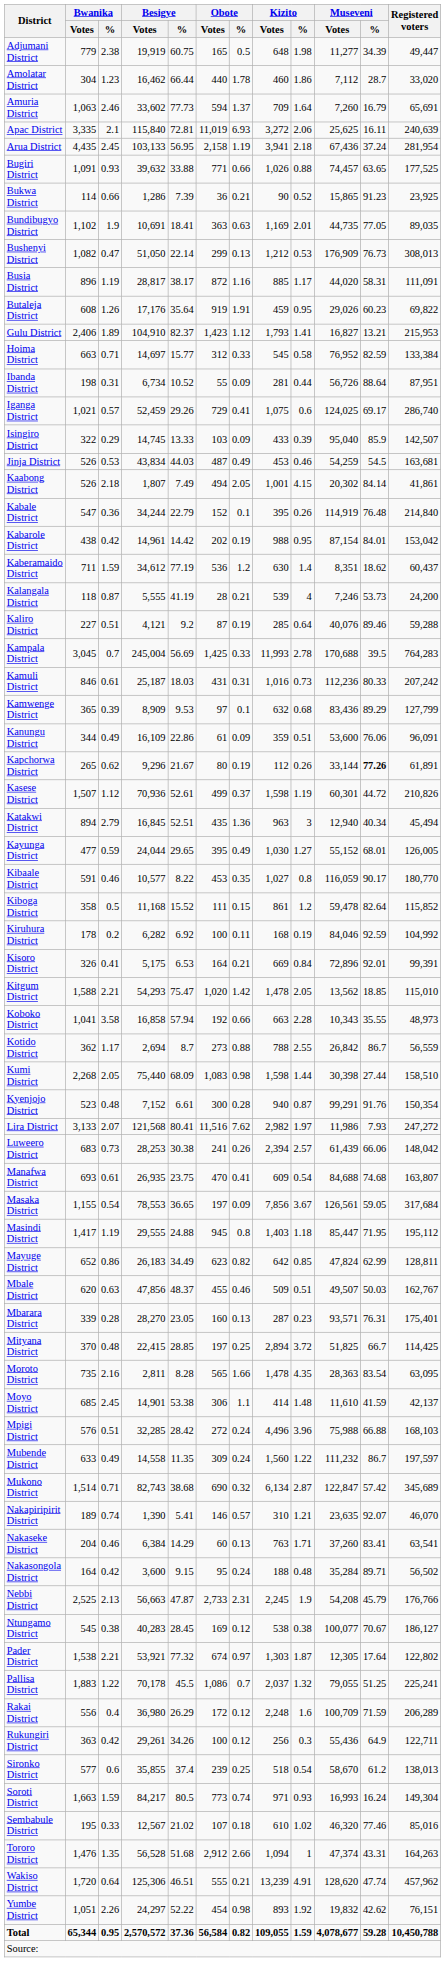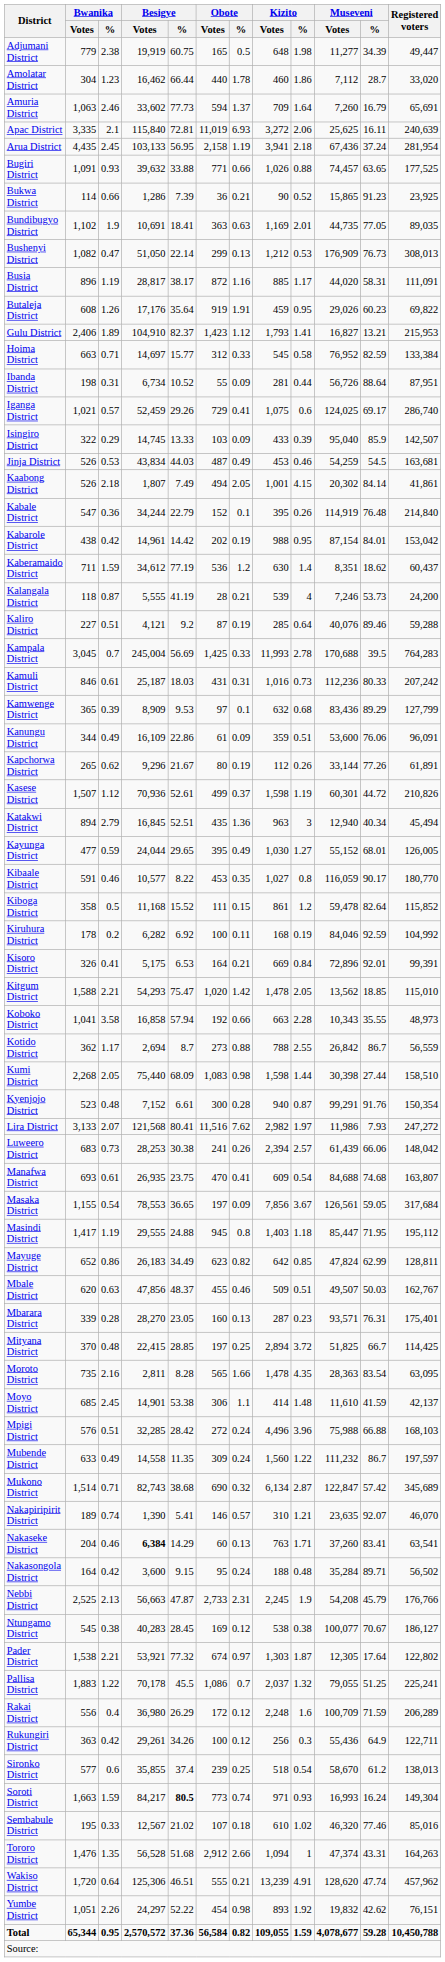 <table class="wikitable sortable" style=text-align:right>
 <tr>
 <th rowspan=2>District</th>
 <th colspan=2><a href='#'>Bwanika</a></th>
 <th colspan=2><a href='#'>Besigye</a></th>
 <th colspan=2><a href='#'>Obote</a></th>
 <th colspan=2><a href='#'>Kizito</a></th>
 <th colspan=2><a href='#'>Museveni</a></th>
 <th rowspan=2>Registered<br>voters</th>
 </tr>
 <tr>
 <th width=50>Votes</th>
 <th width=30>%</th>
 <th width=50>Votes</th>
 <th width=30>%</th>
 <th width=50>Votes</th>
 <th width=30>%</th>
 <th width=50>Votes</th>
 <th width=30>%</th>
 <th width=50>Votes</th>
 <th width=30>%</th>
 </tr>
 <tr>
 <td align=left><a href='#'>Adjumani District</a></td>
 <td>779</td>
 <td>2.38</td>
 <td>19,919</td>
 <td>60.75</td>
 <td>165</td>
 <td>0.5</td>
 <td>648</td>
 <td>1.98</td>
 <td>11,277</td>
 <td>34.39</td>
 <td>49,447</td>
 </tr>
 <tr>
 <td align=left><a href='#'>Amolatar District</a></td>
 <td>304</td>
 <td>1.23</td>
 <td>16,462</td>
 <td>66.44</td>
 <td>440</td>
 <td>1.78</td>
 <td>460</td>
 <td>1.86</td>
 <td>7,112</td>
 <td>28.7</td>
 <td>33,020</td>
 </tr>
 <tr>
 <td align=left><a href='#'>Amuria District</a></td>
 <td>1,063</td>
 <td>2.46</td>
 <td>33,602</td>
 <td>77.73</td>
 <td>594</td>
 <td>1.37</td>
 <td>709</td>
 <td>1.64</td>
 <td>7,260</td>
 <td>16.79</td>
 <td>65,691</td>
 </tr>
 <tr>
 <td align=left><a href='#'>Apac District</a></td>
 <td>3,335</td>
 <td>2.1</td>
 <td>115,840</td>
 <td>72.81</td>
 <td>11,019</td>
 <td>6.93</td>
 <td>3,272</td>
 <td>2.06</td>
 <td>25,625</td>
 <td>16.11</td>
 <td>240,639</td>
 </tr>
 <tr>
 <td align=left><a href='#'>Arua District</a></td>
 <td>4,435</td>
 <td>2.45</td>
 <td>103,133</td>
 <td>56.95</td>
 <td>2,158</td>
 <td>1.19</td>
 <td>3,941</td>
 <td>2.18</td>
 <td>67,436</td>
 <td>37.24</td>
 <td>281,954</td>
 </tr>
 <tr>
 <td align=left><a href='#'>Bugiri District</a></td>
 <td>1,091</td>
 <td>0.93</td>
 <td>39,632</td>
 <td>33.88</td>
 <td>771</td>
 <td>0.66</td>
 <td>1,026</td>
 <td>0.88</td>
 <td>74,457</td>
 <td>63.65</td>
 <td>177,525</td>
 </tr>
 <tr>
 <td align=left><a href='#'>Bukwa District</a></td>
 <td>114</td>
 <td>0.66</td>
 <td>1,286</td>
 <td>7.39</td>
 <td>36</td>
 <td>0.21</td>
 <td>90</td>
 <td>0.52</td>
 <td>15,865</td>
 <td>91.23</td>
 <td>23,925</td>
 </tr>
 <tr>
 <td align=left><a href='#'>Bundibugyo District</a></td>
 <td>1,102</td>
 <td>1.9</td>
 <td>10,691</td>
 <td>18.41</td>
 <td>363</td>
 <td>0.63</td>
 <td>1,169</td>
 <td>2.01</td>
 <td>44,735</td>
 <td>77.05</td>
 <td>89,035</td>
 </tr>
 <tr>
 <td align=left><a href='#'>Bushenyi District</a></td>
 <td>1,082</td>
 <td>0.47</td>
 <td>51,050</td>
 <td>22.14</td>
 <td>299</td>
 <td>0.13</td>
 <td>1,212</td>
 <td>0.53</td>
 <td>176,909</td>
 <td>76.73</td>
 <td>308,013</td>
 </tr>
 <tr>
 <td align=left><a href='#'>Busia District</a></td>
 <td>896</td>
 <td>1.19</td>
 <td>28,817</td>
 <td>38.17</td>
 <td>872</td>
 <td>1.16</td>
 <td>885</td>
 <td>1.17</td>
 <td>44,020</td>
 <td>58.31</td>
 <td>111,091</td>
 </tr>
 <tr>
 <td align=left><a href='#'>Butaleja District</a></td>
 <td>608</td>
 <td>1.26</td>
 <td>17,176</td>
 <td>35.64</td>
 <td>919</td>
 <td>1.91</td>
 <td>459</td>
 <td>0.95</td>
 <td>29,026</td>
 <td>60.23</td>
 <td>69,822</td>
 </tr>
 <tr>
 <td align=left><a href='#'>Gulu District</a></td>
 <td>2,406</td>
 <td>1.89</td>
 <td>104,910</td>
 <td>82.37</td>
 <td>1,423</td>
 <td>1.12</td>
 <td>1,793</td>
 <td>1.41</td>
 <td>16,827</td>
 <td>13.21</td>
 <td>215,953</td>
 </tr>
 <tr>
 <td align=left><a href='#'>Hoima District</a></td>
 <td>663</td>
 <td>0.71</td>
 <td>14,697</td>
 <td>15.77</td>
 <td>312</td>
 <td>0.33</td>
 <td>545</td>
 <td>0.58</td>
 <td>76,952</td>
 <td>82.59</td>
 <td>133,384</td>
 </tr>
 <tr>
 <td align=left><a href='#'>Ibanda District</a></td>
 <td>198</td>
 <td>0.31</td>
 <td>6,734</td>
 <td>10.52</td>
 <td>55</td>
 <td>0.09</td>
 <td>281</td>
 <td>0.44</td>
 <td>56,726</td>
 <td>88.64</td>
 <td>87,951</td>
 </tr>
 <tr>
 <td align=left><a href='#'>Iganga District</a></td>
 <td>1,021</td>
 <td>0.57</td>
 <td>52,459</td>
 <td>29.26</td>
 <td>729</td>
 <td>0.41</td>
 <td>1,075</td>
 <td>0.6</td>
 <td>124,025</td>
 <td>69.17</td>
 <td>286,740</td>
 </tr>
 <tr>
 <td align=left><a href='#'>Isingiro District</a></td>
 <td>322</td>
 <td>0.29</td>
 <td>14,745</td>
 <td>13.33</td>
 <td>103</td>
 <td>0.09</td>
 <td>433</td>
 <td>0.39</td>
 <td>95,040</td>
 <td>85.9</td>
 <td>142,507</td>
 </tr>
 <tr>
 <td align=left><a href='#'>Jinja District</a></td>
 <td>526</td>
 <td>0.53</td>
 <td>43,834</td>
 <td>44.03</td>
 <td>487</td>
 <td>0.49</td>
 <td>453</td>
 <td>0.46</td>
 <td>54,259</td>
 <td>54.5</td>
 <td>163,681</td>
 </tr>
 <tr>
 <td align=left><a href='#'>Kaabong District</a></td>
 <td>526</td>
 <td>2.18</td>
 <td>1,807</td>
 <td>7.49</td>
 <td>494</td>
 <td>2.05</td>
 <td>1,001</td>
 <td>4.15</td>
 <td>20,302</td>
 <td>84.14</td>
 <td>41,861</td>
 </tr>
 <tr>
 <td align=left><a href='#'>Kabale District</a></td>
 <td>547</td>
 <td>0.36</td>
 <td>34,244</td>
 <td>22.79</td>
 <td>152</td>
 <td>0.1</td>
 <td>395</td>
 <td>0.26</td>
 <td>114,919</td>
 <td>76.48</td>
 <td>214,840</td>
 </tr>
 <tr>
 <td align=left><a href='#'>Kabarole District</a></td>
 <td>438</td>
 <td>0.42</td>
 <td>14,961</td>
 <td>14.42</td>
 <td>202</td>
 <td>0.19</td>
 <td>988</td>
 <td>0.95</td>
 <td>87,154</td>
 <td>84.01</td>
 <td>153,042</td>
 </tr>
 <tr>
 <td align=left><a href='#'>Kaberamaido District</a></td>
 <td>711</td>
 <td>1.59</td>
 <td>34,612</td>
 <td>77.19</td>
 <td>536</td>
 <td>1.2</td>
 <td>630</td>
 <td>1.4</td>
 <td>8,351</td>
 <td>18.62</td>
 <td>60,437</td>
 </tr>
 <tr>
 <td align=left><a href='#'>Kalangala District</a></td>
 <td>118</td>
 <td>0.87</td>
 <td>5,555</td>
 <td>41.19</td>
 <td>28</td>
 <td>0.21</td>
 <td>539</td>
 <td>4</td>
 <td>7,246</td>
 <td>53.73</td>
 <td>24,200</td>
 </tr>
 <tr>
 <td align=left><a href='#'>Kaliro District</a></td>
 <td>227</td>
 <td>0.51</td>
 <td>4,121</td>
 <td>9.2</td>
 <td>87</td>
 <td>0.19</td>
 <td>285</td>
 <td>0.64</td>
 <td>40,076</td>
 <td>89.46</td>
 <td>59,288</td>
 </tr>
 <tr>
 <td align=left><a href='#'>Kampala District</a></td>
 <td>3,045</td>
 <td>0.7</td>
 <td>245,004</td>
 <td>56.69</td>
 <td>1,425</td>
 <td>0.33</td>
 <td>11,993</td>
 <td>2.78</td>
 <td>170,688</td>
 <td>39.5</td>
 <td>764,283</td>
 </tr>
 <tr>
 <td align=left><a href='#'>Kamuli District</a></td>
 <td>846</td>
 <td>0.61</td>
 <td>25,187</td>
 <td>18.03</td>
 <td>431</td>
 <td>0.31</td>
 <td>1,016</td>
 <td>0.73</td>
 <td>112,236</td>
 <td>80.33</td>
 <td>207,242</td>
 </tr>
 <tr>
 <td align=left><a href='#'>Kamwenge District</a></td>
 <td>365</td>
 <td>0.39</td>
 <td>8,909</td>
 <td>9.53</td>
 <td>97</td>
 <td>0.1</td>
 <td>632</td>
 <td>0.68</td>
 <td>83,436</td>
 <td>89.29</td>
 <td>127,799</td>
 </tr>
 <tr>
 <td align=left><a href='#'>Kanungu District</a></td>
 <td>344</td>
 <td>0.49</td>
 <td>16,109</td>
 <td>22.86</td>
 <td>61</td>
 <td>0.09</td>
 <td>359</td>
 <td>0.51</td>
 <td>53,600</td>
 <td>76.06</td>
 <td>96,091</td>
 </tr>
 <tr>
 <td align=left><a href='#'>Kapchorwa District</a></td>
 <td>265</td>
 <td>0.62</td>
 <td>9,296</td>
 <td>21.67</td>
 <td>80</td>
 <td>0.19</td>
 <td>112</td>
 <td>0.26</td>
 <td>33,144</td>
-<td><strong>77.26</strong></td>
+<td>77.26</td>
 <td>61,891</td>
 </tr>
 <tr>
 <td align=left><a href='#'>Kasese District</a></td>
 <td>1,507</td>
 <td>1.12</td>
 <td>70,936</td>
 <td>52.61</td>
 <td>499</td>
 <td>0.37</td>
 <td>1,598</td>
 <td>1.19</td>
 <td>60,301</td>
 <td>44.72</td>
 <td>210,826</td>
 </tr>
 <tr>
 <td align=left><a href='#'>Katakwi District</a></td>
 <td>894</td>
 <td>2.79</td>
 <td>16,845</td>
 <td>52.51</td>
 <td>435</td>
 <td>1.36</td>
 <td>963</td>
 <td>3</td>
 <td>12,940</td>
 <td>40.34</td>
 <td>45,494</td>
 </tr>
 <tr>
 <td align=left><a href='#'>Kayunga District</a></td>
 <td>477</td>
 <td>0.59</td>
 <td>24,044</td>
 <td>29.65</td>
 <td>395</td>
 <td>0.49</td>
 <td>1,030</td>
 <td>1.27</td>
 <td>55,152</td>
 <td>68.01</td>
 <td>126,005</td>
 </tr>
 <tr>
 <td align=left><a href='#'>Kibaale District</a></td>
 <td>591</td>
 <td>0.46</td>
 <td>10,577</td>
 <td>8.22</td>
 <td>453</td>
 <td>0.35</td>
 <td>1,027</td>
 <td>0.8</td>
 <td>116,059</td>
 <td>90.17</td>
 <td>180,770</td>
 </tr>
 <tr>
 <td align=left><a href='#'>Kiboga District</a></td>
 <td>358</td>
 <td>0.5</td>
 <td>11,168</td>
 <td>15.52</td>
 <td>111</td>
 <td>0.15</td>
 <td>861</td>
 <td>1.2</td>
 <td>59,478</td>
 <td>82.64</td>
 <td>115,852</td>
 </tr>
 <tr>
 <td align=left><a href='#'>Kiruhura District</a></td>
 <td>178</td>
 <td>0.2</td>
 <td>6,282</td>
 <td>6.92</td>
 <td>100</td>
 <td>0.11</td>
 <td>168</td>
 <td>0.19</td>
 <td>84,046</td>
 <td>92.59</td>
 <td>104,992</td>
 </tr>
 <tr>
 <td align=left><a href='#'>Kisoro District</a></td>
 <td>326</td>
 <td>0.41</td>
 <td>5,175</td>
 <td>6.53</td>
 <td>164</td>
 <td>0.21</td>
 <td>669</td>
 <td>0.84</td>
 <td>72,896</td>
 <td>92.01</td>
 <td>99,391</td>
 </tr>
 <tr>
 <td align=left><a href='#'>Kitgum District</a></td>
 <td>1,588</td>
 <td>2.21</td>
 <td>54,293</td>
 <td>75.47</td>
 <td>1,020</td>
 <td>1.42</td>
 <td>1,478</td>
 <td>2.05</td>
 <td>13,562</td>
 <td>18.85</td>
 <td>115,010</td>
 </tr>
 <tr>
 <td align=left><a href='#'>Koboko District</a></td>
 <td>1,041</td>
 <td>3.58</td>
 <td>16,858</td>
 <td>57.94</td>
 <td>192</td>
 <td>0.66</td>
 <td>663</td>
 <td>2.28</td>
 <td>10,343</td>
 <td>35.55</td>
 <td>48,973</td>
 </tr>
 <tr>
 <td align=left><a href='#'>Kotido District</a></td>
 <td>362</td>
 <td>1.17</td>
 <td>2,694</td>
 <td>8.7</td>
 <td>273</td>
 <td>0.88</td>
 <td>788</td>
 <td>2.55</td>
 <td>26,842</td>
 <td>86.7</td>
 <td>56,559</td>
 </tr>
 <tr>
 <td align=left><a href='#'>Kumi District</a></td>
 <td>2,268</td>
 <td>2.05</td>
 <td>75,440</td>
 <td>68.09</td>
 <td>1,083</td>
 <td>0.98</td>
 <td>1,598</td>
 <td>1.44</td>
 <td>30,398</td>
 <td>27.44</td>
 <td>158,510</td>
 </tr>
 <tr>
 <td align=left><a href='#'>Kyenjojo District</a></td>
 <td>523</td>
 <td>0.48</td>
 <td>7,152</td>
 <td>6.61</td>
 <td>300</td>
 <td>0.28</td>
 <td>940</td>
 <td>0.87</td>
 <td>99,291</td>
 <td>91.76</td>
 <td>150,354</td>
 </tr>
 <tr>
 <td align=left><a href='#'>Lira District</a></td>
 <td>3,133</td>
 <td>2.07</td>
 <td>121,568</td>
 <td>80.41</td>
 <td>11,516</td>
 <td>7.62</td>
 <td>2,982</td>
 <td>1.97</td>
 <td>11,986</td>
 <td>7.93</td>
 <td>247,272</td>
 </tr>
 <tr>
 <td align=left><a href='#'>Luweero District</a></td>
 <td>683</td>
 <td>0.73</td>
 <td>28,253</td>
 <td>30.38</td>
 <td>241</td>
 <td>0.26</td>
 <td>2,394</td>
 <td>2.57</td>
 <td>61,439</td>
 <td>66.06</td>
 <td>148,042</td>
 </tr>
 <tr>
 <td align=left><a href='#'>Manafwa District</a></td>
 <td>693</td>
 <td>0.61</td>
 <td>26,935</td>
 <td>23.75</td>
 <td>470</td>
 <td>0.41</td>
 <td>609</td>
 <td>0.54</td>
 <td>84,688</td>
 <td>74.68</td>
 <td>163,807</td>
 </tr>
 <tr>
 <td align=left><a href='#'>Masaka District</a></td>
 <td>1,155</td>
 <td>0.54</td>
 <td>78,553</td>
 <td>36.65</td>
 <td>197</td>
 <td>0.09</td>
 <td>7,856</td>
 <td>3.67</td>
 <td>126,561</td>
 <td>59.05</td>
 <td>317,684</td>
 </tr>
 <tr>
 <td align=left><a href='#'>Masindi District</a></td>
 <td>1,417</td>
 <td>1.19</td>
 <td>29,555</td>
 <td>24.88</td>
 <td>945</td>
 <td>0.8</td>
 <td>1,403</td>
 <td>1.18</td>
 <td>85,447</td>
 <td>71.95</td>
 <td>195,112</td>
 </tr>
 <tr>
 <td align=left><a href='#'>Mayuge District</a></td>
 <td>652</td>
 <td>0.86</td>
 <td>26,183</td>
 <td>34.49</td>
 <td>623</td>
 <td>0.82</td>
 <td>642</td>
 <td>0.85</td>
 <td>47,824</td>
 <td>62.99</td>
 <td>128,811</td>
 </tr>
 <tr>
 <td align=left><a href='#'>Mbale District</a></td>
 <td>620</td>
 <td>0.63</td>
 <td>47,856</td>
 <td>48.37</td>
 <td>455</td>
 <td>0.46</td>
 <td>509</td>
 <td>0.51</td>
 <td>49,507</td>
 <td>50.03</td>
 <td>162,767</td>
 </tr>
 <tr>
 <td align=left><a href='#'>Mbarara District</a></td>
 <td>339</td>
 <td>0.28</td>
 <td>28,270</td>
 <td>23.05</td>
 <td>160</td>
 <td>0.13</td>
 <td>287</td>
 <td>0.23</td>
 <td>93,571</td>
 <td>76.31</td>
 <td>175,401</td>
 </tr>
 <tr>
 <td align=left><a href='#'>Mityana District</a></td>
 <td>370</td>
 <td>0.48</td>
 <td>22,415</td>
 <td>28.85</td>
 <td>197</td>
 <td>0.25</td>
 <td>2,894</td>
 <td>3.72</td>
 <td>51,825</td>
 <td>66.7</td>
 <td>114,425</td>
 </tr>
 <tr>
 <td align=left><a href='#'>Moroto District</a></td>
 <td>735</td>
 <td>2.16</td>
 <td>2,811</td>
 <td>8.28</td>
 <td>565</td>
 <td>1.66</td>
 <td>1,478</td>
 <td>4.35</td>
 <td>28,363</td>
 <td>83.54</td>
 <td>63,095</td>
 </tr>
 <tr>
 <td align=left><a href='#'>Moyo District</a></td>
 <td>685</td>
 <td>2.45</td>
 <td>14,901</td>
 <td>53.38</td>
 <td>306</td>
 <td>1.1</td>
 <td>414</td>
 <td>1.48</td>
 <td>11,610</td>
 <td>41.59</td>
 <td>42,137</td>
 </tr>
 <tr>
 <td align=left><a href='#'>Mpigi District</a></td>
 <td>576</td>
 <td>0.51</td>
 <td>32,285</td>
 <td>28.42</td>
 <td>272</td>
 <td>0.24</td>
 <td>4,496</td>
 <td>3.96</td>
 <td>75,988</td>
 <td>66.88</td>
 <td>168,103</td>
 </tr>
 <tr>
 <td align=left><a href='#'>Mubende District</a></td>
 <td>633</td>
 <td>0.49</td>
 <td>14,558</td>
 <td>11.35</td>
 <td>309</td>
 <td>0.24</td>
 <td>1,560</td>
 <td>1.22</td>
 <td>111,232</td>
 <td>86.7</td>
 <td>197,597</td>
 </tr>
 <tr>
 <td align=left><a href='#'>Mukono District</a></td>
 <td>1,514</td>
 <td>0.71</td>
 <td>82,743</td>
 <td>38.68</td>
 <td>690</td>
 <td>0.32</td>
 <td>6,134</td>
 <td>2.87</td>
 <td>122,847</td>
 <td>57.42</td>
 <td>345,689</td>
 </tr>
 <tr>
 <td align=left><a href='#'>Nakapiripirit District</a></td>
 <td>189</td>
 <td>0.74</td>
 <td>1,390</td>
 <td>5.41</td>
 <td>146</td>
 <td>0.57</td>
 <td>310</td>
 <td>1.21</td>
 <td>23,635</td>
 <td>92.07</td>
 <td>46,070</td>
 </tr>
 <tr>
 <td align=left><a href='#'>Nakaseke District</a></td>
 <td>204</td>
 <td>0.46</td>
-<td>6,384</td>
+<td><strong>6,384</strong></td>
 <td>14.29</td>
 <td>60</td>
 <td>0.13</td>
 <td>763</td>
 <td>1.71</td>
 <td>37,260</td>
 <td>83.41</td>
 <td>63,541</td>
 </tr>
 <tr>
 <td align=left><a href='#'>Nakasongola District</a></td>
 <td>164</td>
 <td>0.42</td>
 <td>3,600</td>
 <td>9.15</td>
 <td>95</td>
 <td>0.24</td>
 <td>188</td>
 <td>0.48</td>
 <td>35,284</td>
 <td>89.71</td>
 <td>56,502</td>
 </tr>
 <tr>
 <td align=left><a href='#'>Nebbi District</a></td>
 <td>2,525</td>
 <td>2.13</td>
 <td>56,663</td>
 <td>47.87</td>
 <td>2,733</td>
 <td>2.31</td>
 <td>2,245</td>
 <td>1.9</td>
 <td>54,208</td>
 <td>45.79</td>
 <td>176,766</td>
 </tr>
 <tr>
 <td align=left><a href='#'>Ntungamo District</a></td>
 <td>545</td>
 <td>0.38</td>
 <td>40,283</td>
 <td>28.45</td>
 <td>169</td>
 <td>0.12</td>
 <td>538</td>
 <td>0.38</td>
 <td>100,077</td>
 <td>70.67</td>
 <td>186,127</td>
 </tr>
 <tr>
 <td align=left><a href='#'>Pader District</a></td>
 <td>1,538</td>
 <td>2.21</td>
 <td>53,921</td>
 <td>77.32</td>
 <td>674</td>
 <td>0.97</td>
 <td>1,303</td>
 <td>1.87</td>
 <td>12,305</td>
 <td>17.64</td>
 <td>122,802</td>
 </tr>
 <tr>
 <td align=left><a href='#'>Pallisa District</a></td>
 <td>1,883</td>
 <td>1.22</td>
 <td>70,178</td>
 <td>45.5</td>
 <td>1,086</td>
 <td>0.7</td>
 <td>2,037</td>
 <td>1.32</td>
 <td>79,055</td>
 <td>51.25</td>
 <td>225,241</td>
 </tr>
 <tr>
 <td align=left><a href='#'>Rakai District</a></td>
 <td>556</td>
 <td>0.4</td>
 <td>36,980</td>
 <td>26.29</td>
 <td>172</td>
 <td>0.12</td>
 <td>2,248</td>
 <td>1.6</td>
 <td>100,709</td>
 <td>71.59</td>
 <td>206,289</td>
 </tr>
 <tr>
 <td align=left><a href='#'>Rukungiri District</a></td>
 <td>363</td>
 <td>0.42</td>
 <td>29,261</td>
 <td>34.26</td>
 <td>100</td>
 <td>0.12</td>
 <td>256</td>
 <td>0.3</td>
 <td>55,436</td>
 <td>64.9</td>
 <td>122,711</td>
 </tr>
 <tr>
 <td align=left><a href='#'>Sironko District</a></td>
 <td>577</td>
 <td>0.6</td>
 <td>35,855</td>
 <td>37.4</td>
 <td>239</td>
 <td>0.25</td>
 <td>518</td>
 <td>0.54</td>
 <td>58,670</td>
 <td>61.2</td>
 <td>138,013</td>
 </tr>
 <tr>
 <td align=left><a href='#'>Soroti District</a></td>
 <td>1,663</td>
 <td>1.59</td>
 <td>84,217</td>
-<td>80.5</td>
+<td><strong>80.5</strong></td>
 <td>773</td>
 <td>0.74</td>
 <td>971</td>
 <td>0.93</td>
 <td>16,993</td>
 <td>16.24</td>
 <td>149,304</td>
 </tr>
 <tr>
 <td align=left><a href='#'>Sembabule District</a></td>
 <td>195</td>
 <td>0.33</td>
 <td>12,567</td>
 <td>21.02</td>
 <td>107</td>
 <td>0.18</td>
 <td>610</td>
 <td>1.02</td>
 <td>46,320</td>
 <td>77.46</td>
 <td>85,016</td>
 </tr>
 <tr>
 <td align=left><a href='#'>Tororo District</a></td>
 <td>1,476</td>
 <td>1.35</td>
 <td>56,528</td>
 <td>51.68</td>
 <td>2,912</td>
 <td>2.66</td>
 <td>1,094</td>
 <td>1</td>
 <td>47,374</td>
 <td>43.31</td>
 <td>164,263</td>
 </tr>
 <tr>
 <td align=left><a href='#'>Wakiso District</a></td>
 <td>1,720</td>
 <td>0.64</td>
 <td>125,306</td>
 <td>46.51</td>
 <td>555</td>
 <td>0.21</td>
 <td>13,239</td>
 <td>4.91</td>
 <td>128,620</td>
 <td>47.74</td>
 <td>457,962</td>
 </tr>
 <tr>
 <td align=left><a href='#'>Yumbe District</a></td>
 <td>1,051</td>
 <td>2.26</td>
 <td>24,297</td>
 <td>52.22</td>
 <td>454</td>
 <td>0.98</td>
 <td>893</td>
 <td>1.92</td>
 <td>19,832</td>
 <td>42.62</td>
 <td>76,151</td>
 </tr>
 <tr class=sortbottom style=font-weight:bold>
 <td align=left>Total</td>
 <td>65,344</td>
 <td>0.95</td>
 <td>2,570,572</td>
 <td>37.36</td>
 <td>56,584</td>
 <td>0.82</td>
 <td>109,055</td>
 <td>1.59</td>
 <td>4,078,677</td>
 <td>59.28</td>
 <td>10,450,788</td>
 </tr>
 <tr class=sortbottom>
 <td align=left colspan=12>Source: </td>
 </tr>
 </table>
